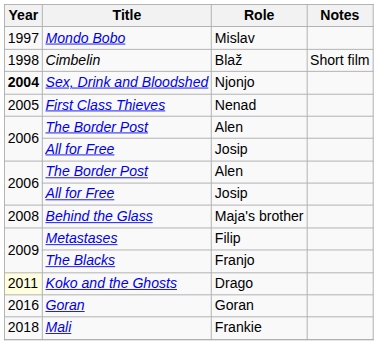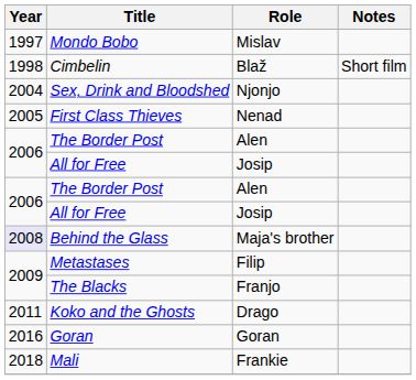 <table class="wikitable sortable">
 <tr>
 <th>Year</th>
 <th>Title</th>
 <th>Role</th>
 <th class="unsortable">Notes</th>
 </tr>
 <tr>
 <td>1997</td>
 <td><em><a href='#'>Mondo Bobo</a></em></td>
 <td>Mislav</td>
 <td></td>
 </tr>
 <tr>
 <td>1998</td>
 <td><em>Cimbelin</em></td>
 <td>Blaž</td>
 <td>Short film</td>
 </tr>
 <tr>
-<td><strong>2004</strong></td>
+<td>2004</td>
 <td><em><a href='#'>Sex, Drink and Bloodshed</a></em></td>
 <td>Njonjo</td>
 <td></td>
 </tr>
 <tr>
 <td>2005</td>
 <td><em><a href='#'>First Class Thieves</a></em></td>
 <td>Nenad</td>
 <td></td>
 </tr>
 <tr>
 <td rowspan=2>2006</td>
 <td><em><a href='#'>The Border Post</a></em></td>
 <td>Alen</td>
 <td></td>
 </tr>
 <tr>
 <td><em><a href='#'>All for Free</a></em></td>
 <td>Josip</td>
 <td></td>
 </tr>
 <tr>
 <td rowspan=2>2006</td>
 <td><em><a href='#'>The Border Post</a></em></td>
 <td>Alen</td>
 <td></td>
 </tr>
 <tr>
 <td><em><a href='#'>All for Free</a></em></td>
 <td>Josip</td>
 <td></td>
 </tr>
 <tr>
-<td>2008</td>
+<td style="background: lavender;">2008</td>
 <td><em><a href='#'>Behind the Glass</a></em></td>
 <td>Maja's brother</td>
 <td></td>
 </tr>
 <tr>
 <td rowspan=2>2009</td>
 <td><em><a href='#'>Metastases</a></em></td>
 <td>Filip</td>
 <td></td>
 </tr>
 <tr>
 <td><em><a href='#'>The Blacks</a></em></td>
 <td>Franjo</td>
 <td></td>
 </tr>
 <tr>
-<td style="background: lightyellow;">2011</td>
+<td>2011</td>
 <td><em><a href='#'>Koko and the Ghosts</a></em></td>
 <td>Drago</td>
 <td></td>
 </tr>
 <tr>
 <td>2016</td>
 <td><em><a href='#'>Goran</a></em></td>
 <td>Goran</td>
 <td></td>
 </tr>
 <tr>
 <td>2018</td>
 <td><em><a href='#'>Mali</a></em></td>
 <td>Frankie</td>
 <td></td>
 </tr>
 <tr>
 </tr>
 </table>
